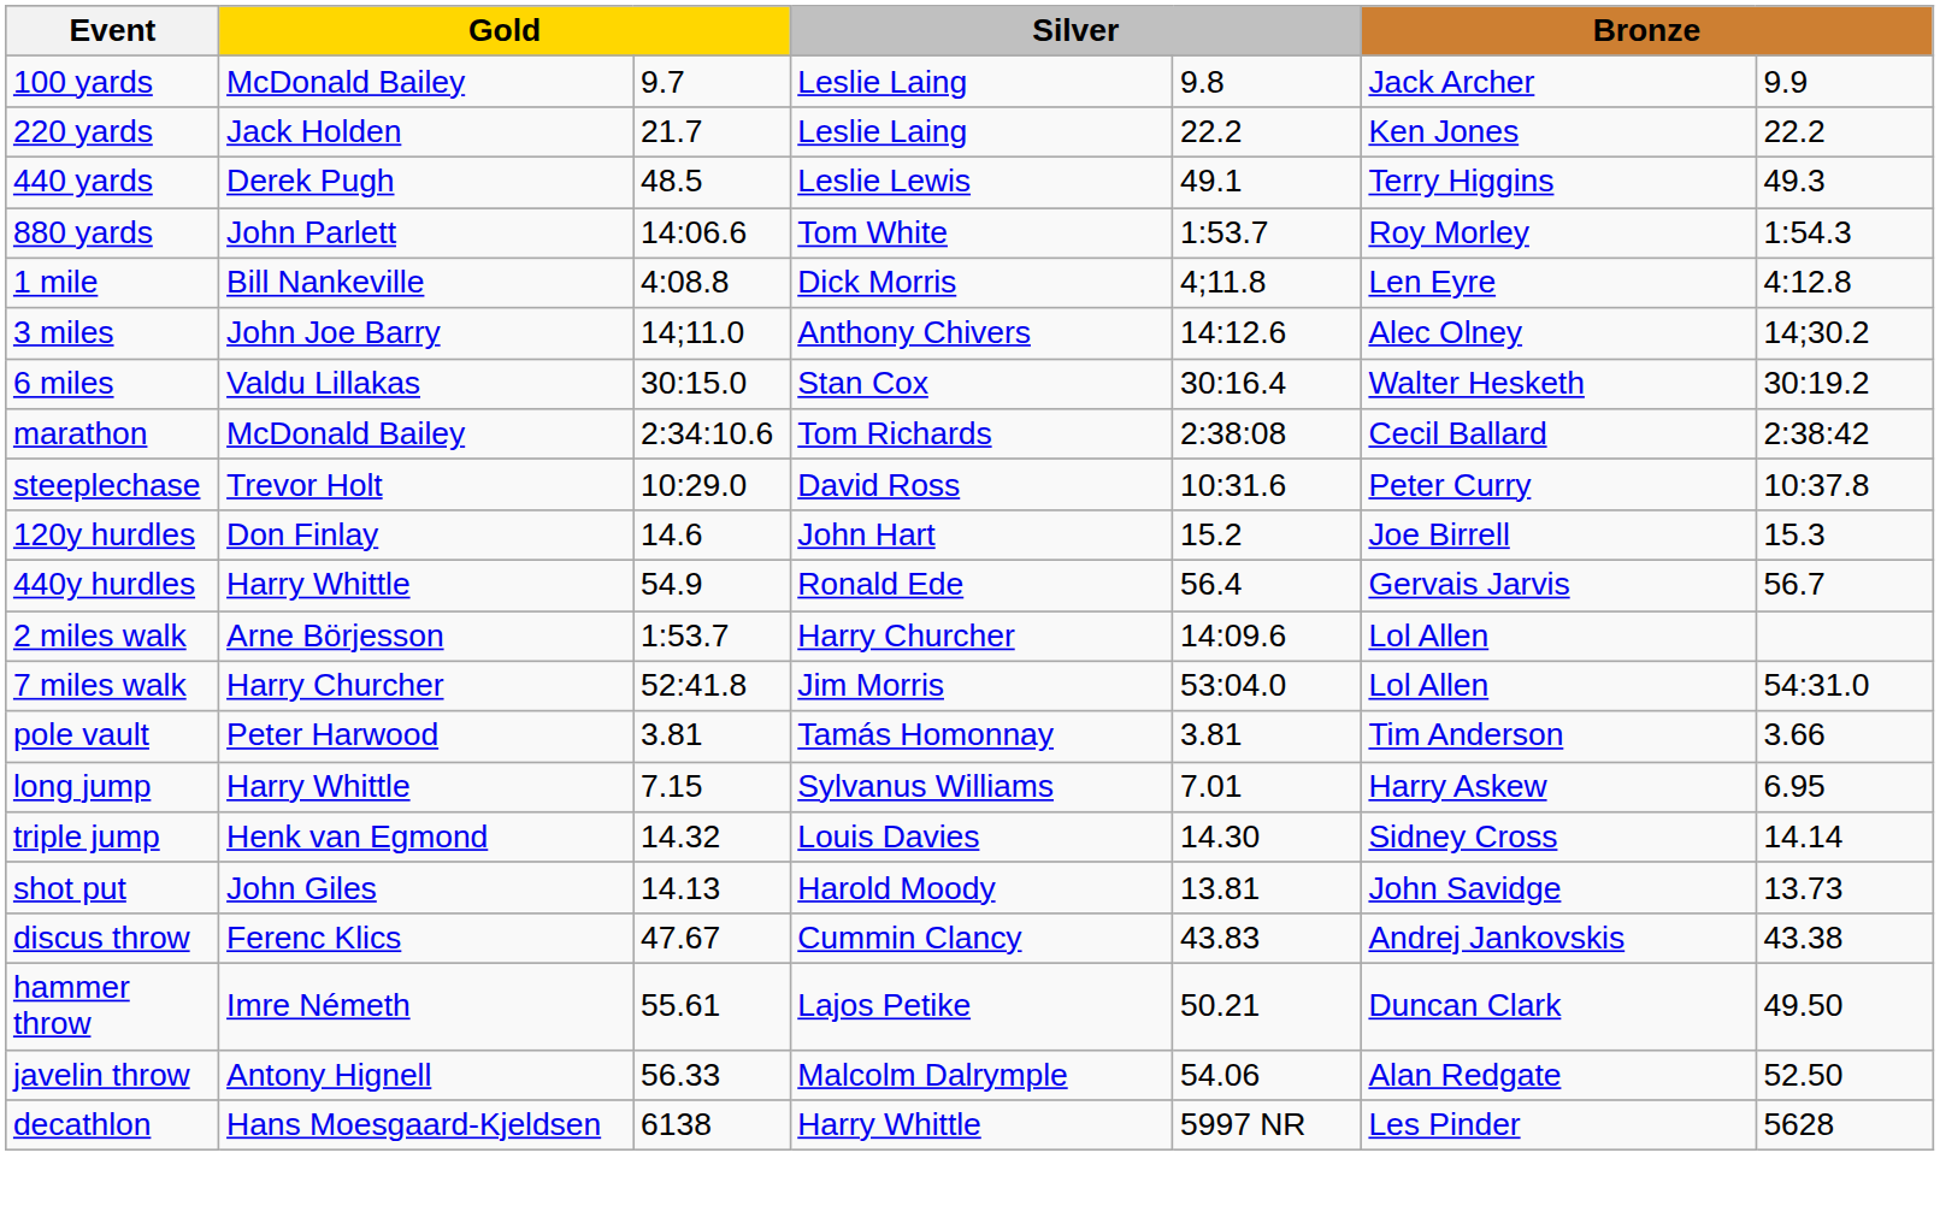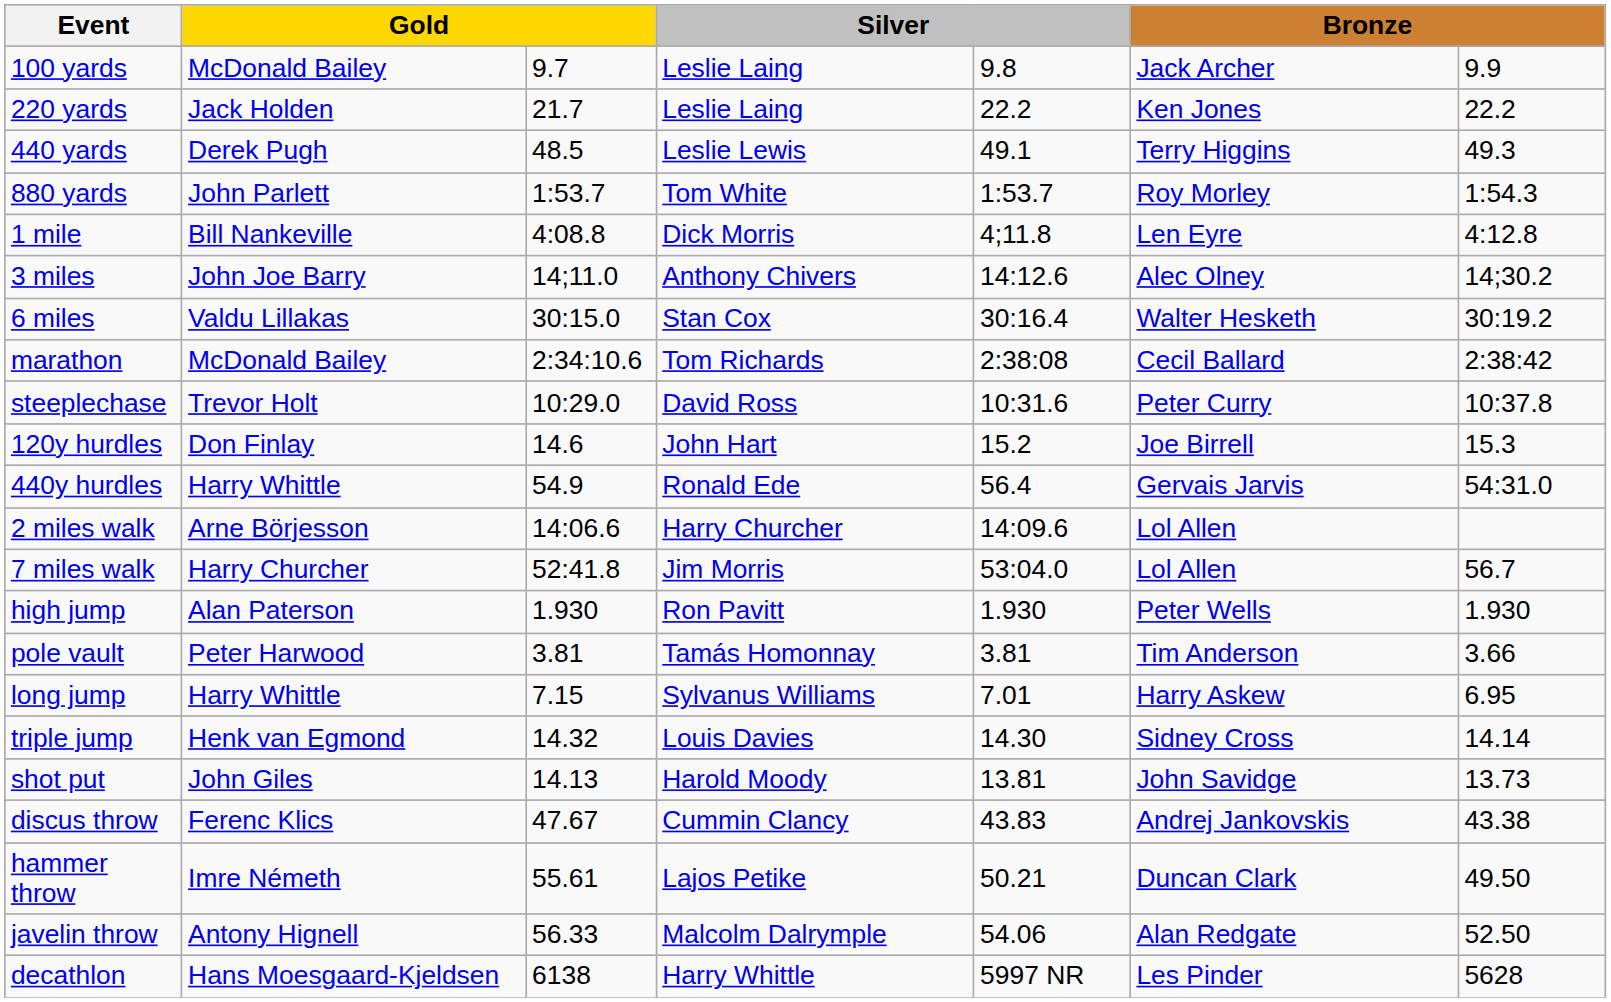 <table class="wikitable" style="text-align:left">
 <tr>
 <th width=100>Event</th>
 <th colspan="2" width="280" style="background:gold;">Gold</th>
 <th colspan="2" width="280" style="background:silver;">Silver</th>
 <th colspan="2" width="280" style="background:#CD7F32;">Bronze</th>
 </tr>
 <tr>
 <td><a href='#'>100 yards</a></td>
 <td><a href='#'>McDonald Bailey</a></td>
 <td>9.7</td>
 <td> <a href='#'>Leslie Laing</a></td>
 <td>9.8</td>
 <td><a href='#'>Jack Archer</a></td>
 <td>9.9</td>
 </tr>
 <tr>
 <td><a href='#'>220 yards</a></td>
 <td><a href='#'>Jack Holden</a></td>
 <td>21.7</td>
 <td> <a href='#'>Leslie Laing</a></td>
 <td>22.2</td>
 <td> <a href='#'>Ken Jones</a></td>
 <td>22.2</td>
 </tr>
 <tr>
 <td><a href='#'>440 yards</a></td>
 <td><a href='#'>Derek Pugh</a></td>
 <td>48.5</td>
 <td><a href='#'>Leslie Lewis</a></td>
 <td>49.1</td>
 <td><a href='#'>Terry Higgins</a></td>
 <td>49.3</td>
 </tr>
 <tr>
 <td><a href='#'>880 yards</a></td>
 <td><a href='#'>John Parlett</a></td>
-<td>14:06.6</td>
+<td>1:53.7</td>
 <td><a href='#'>Tom White</a></td>
 <td>1:53.7</td>
 <td><a href='#'>Roy Morley</a></td>
 <td>1:54.3</td>
 </tr>
 <tr>
 <td><a href='#'>1 mile</a></td>
 <td><a href='#'>Bill Nankeville</a></td>
 <td>4:08.8</td>
 <td><a href='#'>Dick Morris</a></td>
 <td>4;11.8</td>
 <td><a href='#'>Len Eyre</a></td>
 <td>4:12.8</td>
 </tr>
 <tr>
 <td><a href='#'>3 miles</a></td>
 <td> <a href='#'>John Joe Barry</a></td>
 <td>14;11.0</td>
 <td><a href='#'>Anthony Chivers</a></td>
 <td>14:12.6</td>
 <td><a href='#'>Alec Olney</a></td>
 <td>14;30.2</td>
 </tr>
 <tr>
 <td><a href='#'>6 miles</a></td>
 <td> <a href='#'>Valdu Lillakas</a></td>
 <td>30:15.0</td>
 <td><a href='#'>Stan Cox</a></td>
 <td>30:16.4</td>
 <td><a href='#'>Walter Hesketh</a></td>
 <td>30:19.2</td>
 </tr>
 <tr>
 <td><a href='#'>marathon</a></td>
 <td><a href='#'>McDonald Bailey</a></td>
 <td>2:34:10.6</td>
 <td> <a href='#'>Tom Richards</a></td>
 <td>2:38:08</td>
 <td><a href='#'>Cecil Ballard</a></td>
 <td>2:38:42</td>
 </tr>
 <tr>
 <td><a href='#'>steeplechase</a></td>
 <td><a href='#'>Trevor Holt</a></td>
 <td>10:29.0</td>
 <td><a href='#'>David Ross</a></td>
 <td>10:31.6</td>
 <td><a href='#'>Peter Curry</a></td>
 <td>10:37.8</td>
 </tr>
 <tr>
 <td><a href='#'>120y hurdles</a></td>
 <td><a href='#'>Don Finlay</a></td>
 <td>14.6</td>
 <td> <a href='#'>John Hart</a></td>
 <td>15.2</td>
 <td><a href='#'>Joe Birrell</a></td>
 <td>15.3</td>
 </tr>
 <tr>
 <td><a href='#'>440y hurdles</a></td>
 <td><a href='#'>Harry Whittle</a></td>
 <td>54.9</td>
 <td><a href='#'>Ronald Ede</a></td>
 <td>56.4</td>
 <td><a href='#'>Gervais Jarvis</a></td>
-<td>56.7</td>
+<td>54:31.0</td>
 </tr>
 <tr>
 <td><a href='#'>2 miles walk</a></td>
 <td> <a href='#'>Arne Börjesson</a></td>
-<td>1:53.7</td>
+<td>14:06.6</td>
 <td><a href='#'>Harry Churcher</a></td>
 <td>14:09.6</td>
 <td><a href='#'>Lol Allen</a></td>
 <td></td>
 </tr>
 <tr>
 <td><a href='#'>7 miles walk</a></td>
 <td><a href='#'>Harry Churcher</a></td>
 <td>52:41.8</td>
 <td><a href='#'>Jim Morris</a></td>
 <td>53:04.0</td>
 <td><a href='#'>Lol Allen</a></td>
-<td>54:31.0</td>
+<td>56.7</td>
+</tr>
+<tr>
+<td><a href='#'>high jump</a></td>
+<td> <a href='#'>Alan Paterson</a></td>
+<td>1.930</td>
+<td><a href='#'>Ron Pavitt</a></td>
+<td>1.930</td>
+<td><a href='#'>Peter Wells</a></td>
+<td>1.930</td>
 </tr>
 <tr>
 <td><a href='#'>pole vault</a></td>
 <td> <a href='#'>Peter Harwood</a></td>
 <td>3.81</td>
 <td> <a href='#'>Tamás Homonnay</a></td>
 <td>3.81</td>
 <td><a href='#'>Tim Anderson</a></td>
 <td>3.66</td>
 </tr>
 <tr>
 <td><a href='#'>long jump</a></td>
 <td><a href='#'>Harry Whittle</a></td>
 <td>7.15</td>
 <td> <a href='#'>Sylvanus Williams</a></td>
 <td>7.01</td>
 <td><a href='#'>Harry Askew</a></td>
 <td>6.95</td>
 </tr>
 <tr>
 <td><a href='#'>triple jump</a></td>
 <td> <a href='#'>Henk van Egmond</a></td>
 <td>14.32</td>
 <td> <a href='#'>Louis Davies</a></td>
 <td>14.30</td>
 <td><a href='#'>Sidney Cross</a></td>
 <td>14.14</td>
 </tr>
 <tr>
 <td><a href='#'>shot put</a></td>
 <td><a href='#'>John Giles</a></td>
 <td>14.13</td>
 <td><a href='#'>Harold Moody</a></td>
 <td>13.81</td>
 <td><a href='#'>John Savidge</a></td>
 <td>13.73</td>
 </tr>
 <tr>
 <td><a href='#'>discus throw</a></td>
 <td> <a href='#'>Ferenc Klics</a></td>
 <td>47.67</td>
 <td> <a href='#'>Cummin Clancy</a></td>
 <td>43.83</td>
 <td> <a href='#'>Andrej Jankovskis</a></td>
 <td>43.38</td>
 </tr>
 <tr>
 <td><a href='#'>hammer throw</a></td>
 <td> <a href='#'>Imre Németh</a></td>
 <td>55.61</td>
 <td> <a href='#'>Lajos Petike</a></td>
 <td>50.21</td>
 <td> <a href='#'>Duncan Clark</a></td>
 <td>49.50</td>
 </tr>
 <tr>
 <td><a href='#'>javelin throw</a></td>
 <td><a href='#'>Antony Hignell</a></td>
 <td>56.33</td>
 <td><a href='#'>Malcolm Dalrymple</a></td>
 <td>54.06</td>
 <td><a href='#'>Alan Redgate</a></td>
 <td>52.50</td>
 </tr>
 <tr>
 <td><a href='#'>decathlon</a></td>
 <td> <a href='#'>Hans Moesgaard-Kjeldsen</a></td>
 <td>6138</td>
 <td><a href='#'>Harry Whittle</a></td>
 <td>5997 NR</td>
 <td><a href='#'>Les Pinder</a></td>
 <td>5628</td>
 </tr>
 </table>
